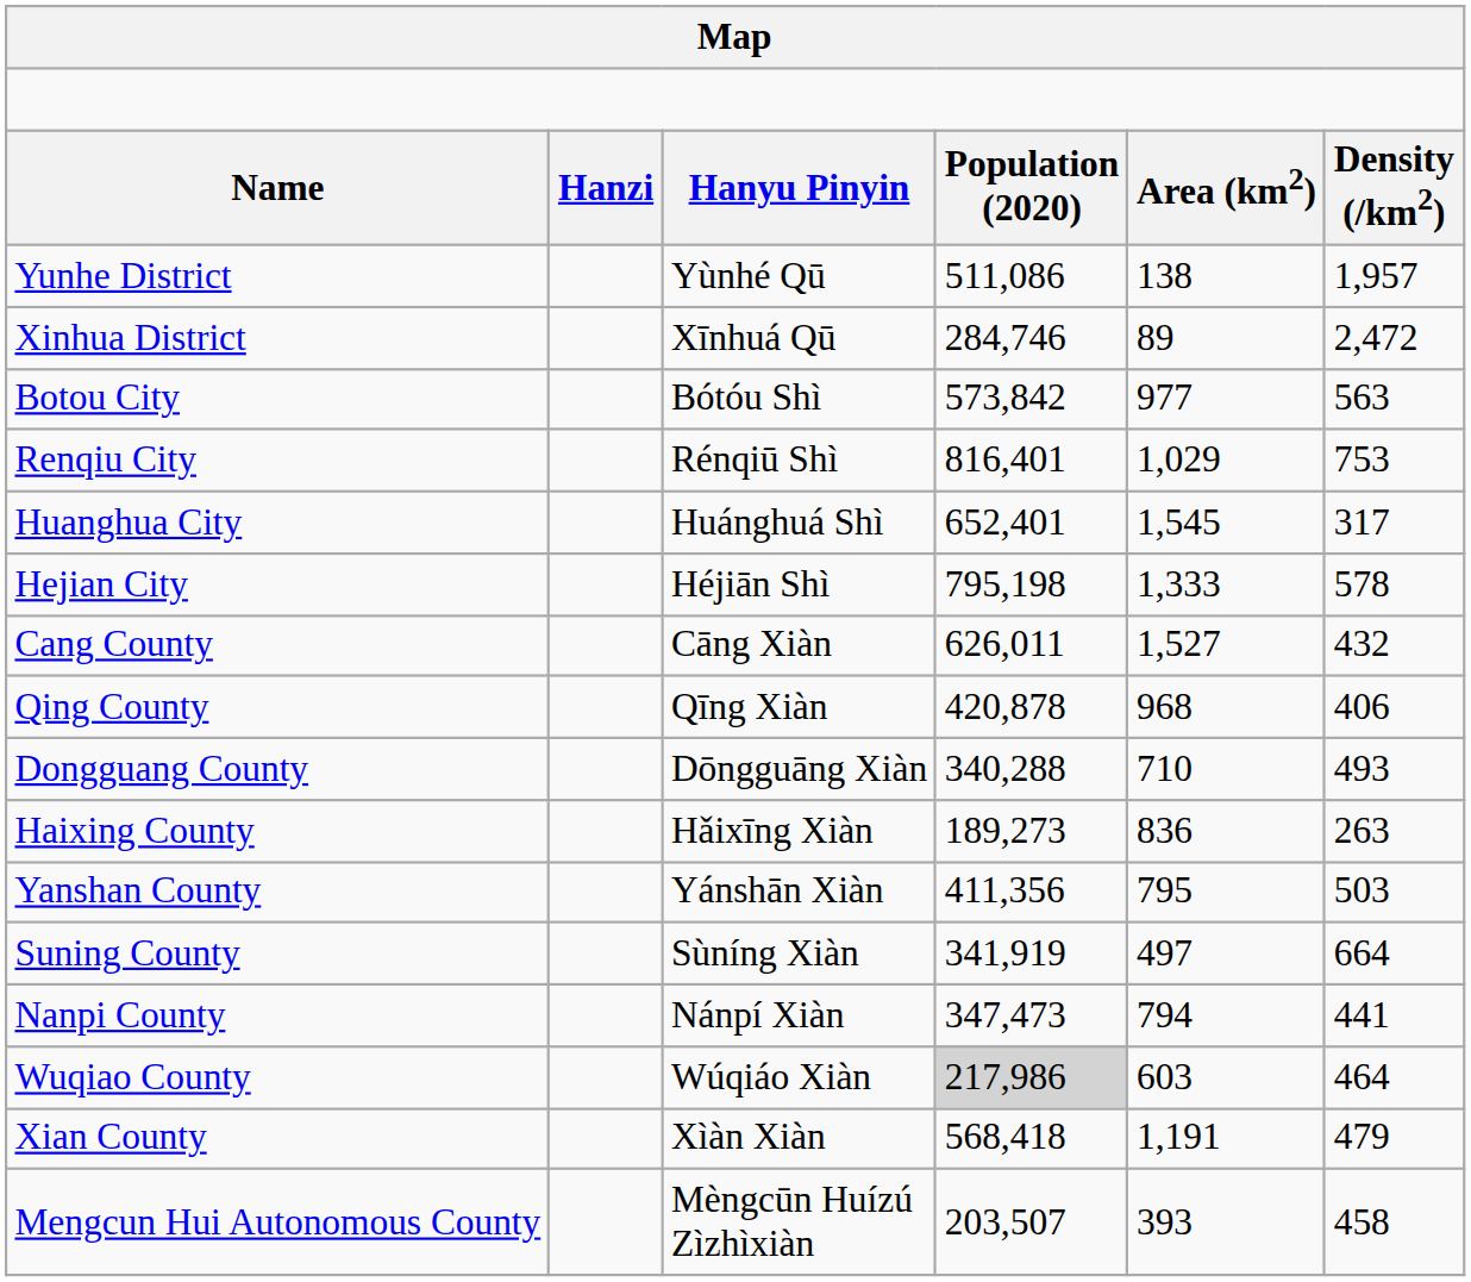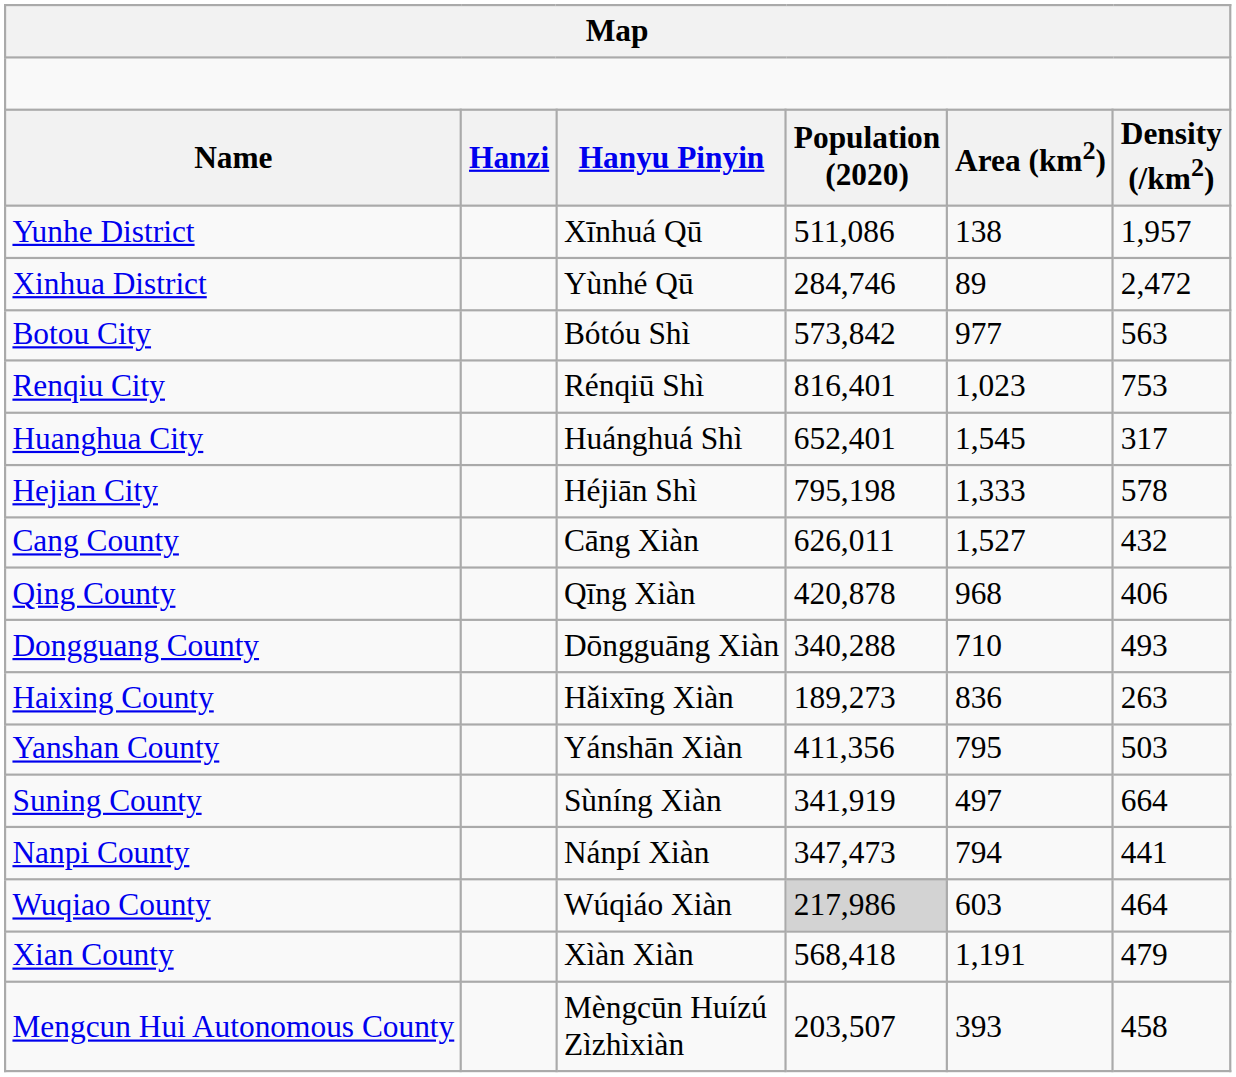 <table class="wikitable"  style="font-size:90%;" align=center>
 <tr>
 <th colspan="7" align="center">Map</th>
 </tr>
 <tr>
 <td colspan="7" align="center"><div><br>                     </div></td>
 </tr>
 <tr>
 <th>Name</th>
 <th><a href='#'>Hanzi</a></th>
 <th><a href='#'>Hanyu Pinyin</a></th>
 <th>Population<br>(2020)</th>
 <th>Area (km<sup>2</sup>)</th>
 <th>Density<br>(/km<sup>2</sup>)</th>
 </tr>
 <tr>
 <td><a href='#'>Yunhe District</a></td>
 <td></td>
-<td>Yùnhé Qū</td>
+<td>Xīnhuá Qū</td>
 <td>511,086</td>
 <td>138</td>
 <td>1,957</td>
 </tr>
 <tr>
 <td><a href='#'>Xinhua District</a></td>
 <td></td>
-<td>Xīnhuá Qū</td>
+<td>Yùnhé Qū</td>
 <td>284,746</td>
 <td>89</td>
 <td>2,472</td>
 </tr>
 <tr>
 <td><a href='#'>Botou City</a></td>
 <td></td>
 <td>Bótóu Shì</td>
 <td>573,842</td>
 <td>977</td>
 <td>563</td>
 </tr>
 <tr>
 <td><a href='#'>Renqiu City</a></td>
 <td></td>
 <td>Rénqiū Shì</td>
 <td>816,401</td>
-<td>1,029</td>
+<td>1,023</td>
 <td>753</td>
 </tr>
 <tr>
 <td><a href='#'>Huanghua City</a></td>
 <td></td>
 <td>Huánghuá Shì</td>
 <td>652,401</td>
 <td>1,545</td>
 <td>317</td>
 </tr>
 <tr>
 <td><a href='#'>Hejian City</a></td>
 <td></td>
 <td>Héjiān Shì</td>
 <td>795,198</td>
 <td>1,333</td>
 <td>578</td>
 </tr>
 <tr>
 <td><a href='#'>Cang County</a></td>
 <td></td>
 <td>Cāng Xiàn</td>
 <td>626,011</td>
 <td>1,527</td>
 <td>432</td>
 </tr>
 <tr>
 <td><a href='#'>Qing County</a></td>
 <td></td>
 <td>Qīng Xiàn</td>
 <td>420,878</td>
 <td>968</td>
 <td>406</td>
 </tr>
 <tr>
 <td><a href='#'>Dongguang County</a></td>
 <td></td>
 <td>Dōngguāng Xiàn</td>
 <td>340,288</td>
 <td>710</td>
 <td>493</td>
 </tr>
 <tr>
 <td><a href='#'>Haixing County</a></td>
 <td></td>
 <td>Hǎixīng Xiàn</td>
 <td>189,273</td>
 <td>836</td>
 <td>263</td>
 </tr>
 <tr>
 <td><a href='#'>Yanshan County</a></td>
 <td></td>
 <td>Yánshān Xiàn</td>
 <td>411,356</td>
 <td>795</td>
 <td>503</td>
 </tr>
 <tr>
 <td><a href='#'>Suning County</a></td>
 <td></td>
 <td>Sùníng Xiàn</td>
 <td>341,919</td>
 <td>497</td>
 <td>664</td>
 </tr>
 <tr>
 <td><a href='#'>Nanpi County</a></td>
 <td></td>
 <td>Nánpí Xiàn</td>
 <td>347,473</td>
 <td>794</td>
 <td>441</td>
 </tr>
 <tr>
 <td><a href='#'>Wuqiao County</a></td>
 <td></td>
 <td>Wúqiáo Xiàn</td>
 <td style="background: lightgrey;">217,986</td>
 <td>603</td>
 <td>464</td>
 </tr>
 <tr>
 <td><a href='#'>Xian County</a></td>
 <td></td>
 <td>Xìàn Xiàn</td>
 <td>568,418</td>
 <td>1,191</td>
 <td>479</td>
 </tr>
 <tr>
 <td><a href='#'>Mengcun Hui Autonomous County</a></td>
 <td></td>
 <td>Mèngcūn Huízú<br>Zìzhìxiàn</td>
 <td>203,507</td>
 <td>393</td>
 <td>458</td>
 </tr>
 </table>
